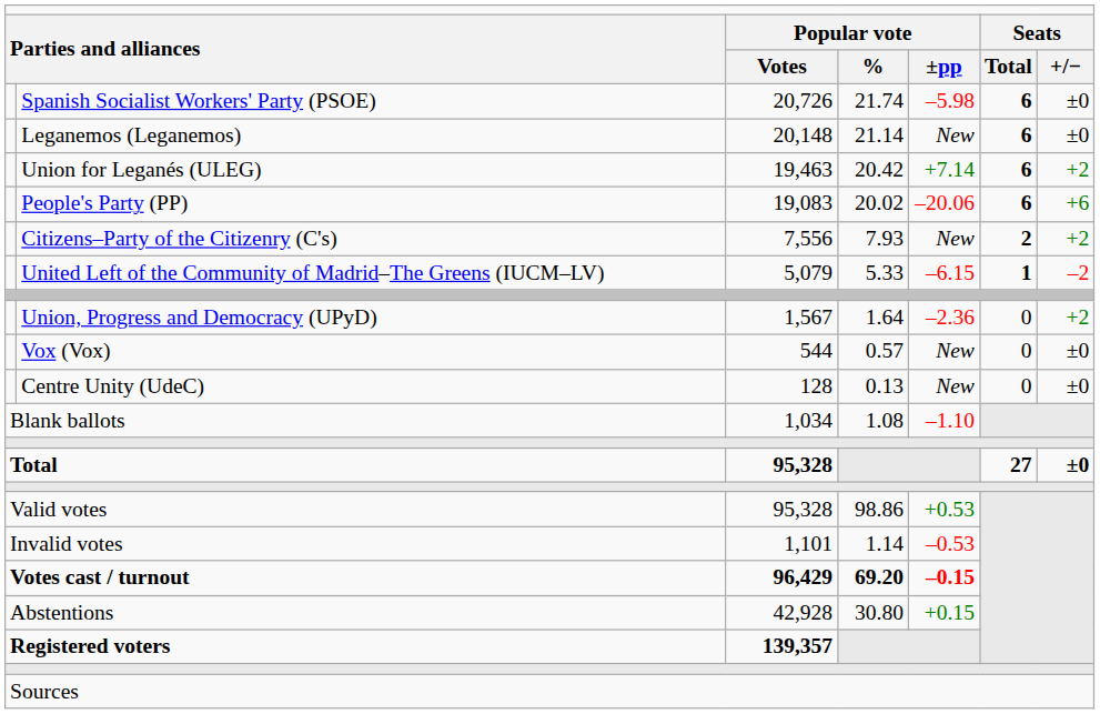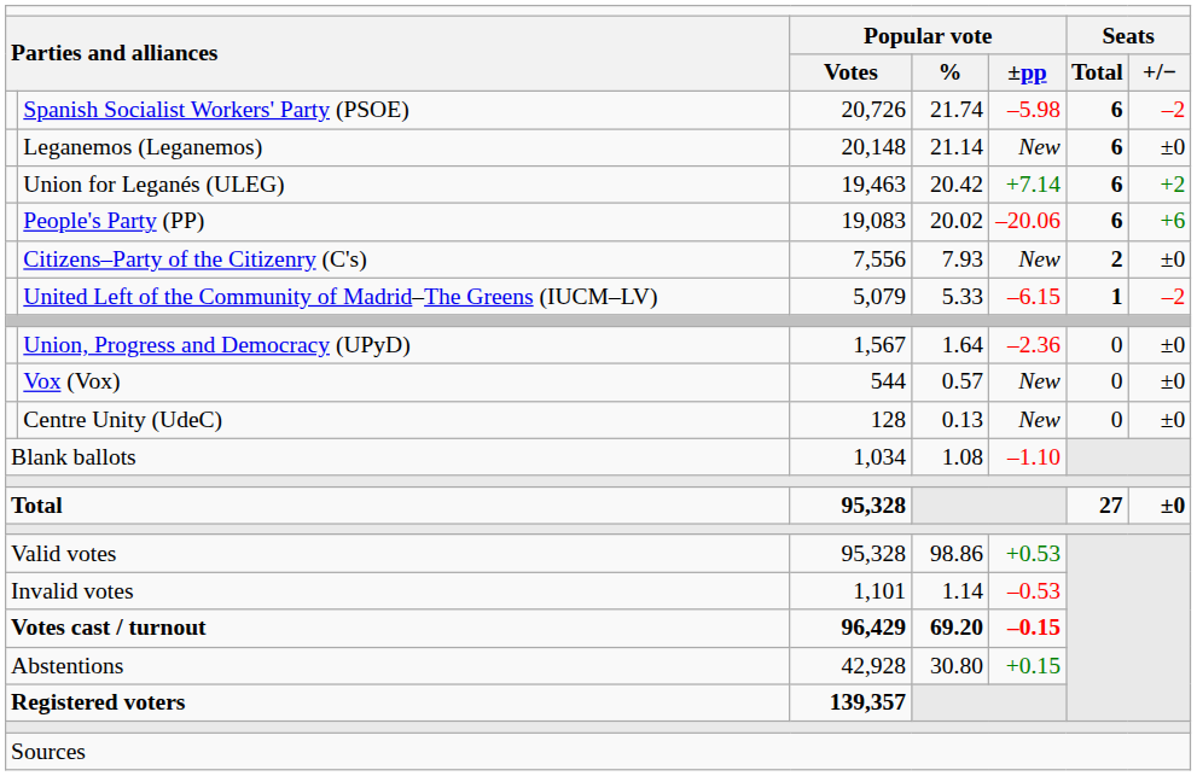 <table class="wikitable" style="text-align:right;">
 <tr>
 <td colspan="7"></td>
 </tr>
 <tr>
 <th style="text-align:left;" rowspan="2" colspan="2" width="525">Parties and alliances</th>
 <th colspan="3">Popular vote</th>
 <th colspan="2">Seats</th>
 </tr>
 <tr>
 <th width="75">Votes</th>
 <th width="45">%</th>
 <th width="45">±<a href='#'>pp</a></th>
 <th width="35">Total</th>
 <th width="35">+/−</th>
 </tr>
 <tr>
 <td width="1" style="color:inherit;background:"></td>
 <td align="left"><a href='#'>Spanish Socialist Workers' Party</a> (PSOE)</td>
 <td>20,726</td>
 <td>21.74</td>
 <td style="color:red;">–5.98</td>
 <td><strong>6</strong></td>
-<td>±0</td>
+<td style="color:red;">–2</td>
 </tr>
 <tr>
 <td style="color:inherit;background:"></td>
 <td align="left">Leganemos (Leganemos)</td>
 <td>20,148</td>
 <td>21.14</td>
 <td><em>New</em></td>
 <td><strong>6</strong></td>
 <td>±0</td>
 </tr>
 <tr>
 <td style="color:inherit;background:"></td>
 <td align="left">Union for Leganés (ULEG)</td>
 <td>19,463</td>
 <td>20.42</td>
 <td style="color:green;">+7.14</td>
 <td><strong>6</strong></td>
 <td style="color:green;">+2</td>
 </tr>
 <tr>
 <td style="color:inherit;background:"></td>
 <td align="left"><a href='#'>People's Party</a> (PP)</td>
 <td>19,083</td>
 <td>20.02</td>
 <td style="color:red;">–20.06</td>
 <td><strong>6</strong></td>
 <td style="color:green;">+6</td>
 </tr>
 <tr>
 <td style="color:inherit;background:"></td>
 <td align="left"><a href='#'>Citizens–Party of the Citizenry</a> (C's)</td>
 <td>7,556</td>
 <td>7.93</td>
 <td><em>New</em></td>
 <td><strong>2</strong></td>
-<td style="color:green;">+2</td>
+<td>±0</td>
 </tr>
 <tr>
 <td style="color:inherit;background:"></td>
 <td align="left"><a href='#'>United Left of the Community of Madrid</a>–<a href='#'>The Greens</a> (IUCM–LV)</td>
 <td>5,079</td>
 <td>5.33</td>
 <td style="color:red;">–6.15</td>
 <td><strong>1</strong></td>
 <td style="color:red;">–2</td>
 </tr>
 <tr>
 <td colspan="7" bgcolor="#C0C0C0"></td>
 </tr>
 <tr>
 <td style="color:inherit;background:"></td>
 <td align="left"><a href='#'>Union, Progress and Democracy</a> (UPyD)</td>
 <td>1,567</td>
 <td>1.64</td>
 <td style="color:red;">–2.36</td>
 <td>0</td>
-<td style="color:green;">+2</td>
+<td>±0</td>
 </tr>
 <tr>
 <td style="color:inherit;background:"></td>
 <td align="left"><a href='#'>Vox</a> (Vox)</td>
 <td>544</td>
 <td>0.57</td>
 <td><em>New</em></td>
 <td>0</td>
 <td>±0</td>
 </tr>
 <tr>
 <td style="color:inherit;background:"></td>
 <td align="left">Centre Unity (UdeC)</td>
 <td>128</td>
 <td>0.13</td>
 <td><em>New</em></td>
 <td>0</td>
 <td>±0</td>
 </tr>
 <tr>
 <td align="left" colspan="2">Blank ballots</td>
 <td>1,034</td>
 <td>1.08</td>
 <td style="color:red;">–1.10</td>
 <td bgcolor="#E9E9E9" colspan="2"></td>
 </tr>
 <tr>
 <td colspan="7" bgcolor="#E9E9E9"></td>
 </tr>
 <tr style="font-weight:bold;">
 <td align="left" colspan="2">Total</td>
 <td>95,328</td>
 <td bgcolor="#E9E9E9" colspan="2"></td>
 <td>27</td>
 <td>±0</td>
 </tr>
 <tr>
 <td colspan="7" bgcolor="#E9E9E9"></td>
 </tr>
 <tr>
 <td align="left" colspan="2">Valid votes</td>
 <td>95,328</td>
 <td>98.86</td>
 <td style="color:green;">+0.53</td>
 <td bgcolor="#E9E9E9" colspan="2" rowspan="5"></td>
 </tr>
 <tr>
 <td align="left" colspan="2">Invalid votes</td>
 <td>1,101</td>
 <td>1.14</td>
 <td style="color:red;">–0.53</td>
 </tr>
 <tr style="font-weight:bold;">
 <td align="left" colspan="2">Votes cast / turnout</td>
 <td>96,429</td>
 <td>69.20</td>
 <td style="color:red;">–0.15</td>
 </tr>
 <tr>
 <td align="left" colspan="2">Abstentions</td>
 <td>42,928</td>
 <td>30.80</td>
 <td style="color:green;">+0.15</td>
 </tr>
 <tr style="font-weight:bold;">
 <td align="left" colspan="2">Registered voters</td>
 <td>139,357</td>
 <td bgcolor="#E9E9E9" colspan="2"></td>
 </tr>
 <tr>
 <td colspan="7" bgcolor="#E9E9E9"></td>
 </tr>
 <tr>
 <td align="left" colspan="7">Sources</td>
 </tr>
 </table>
